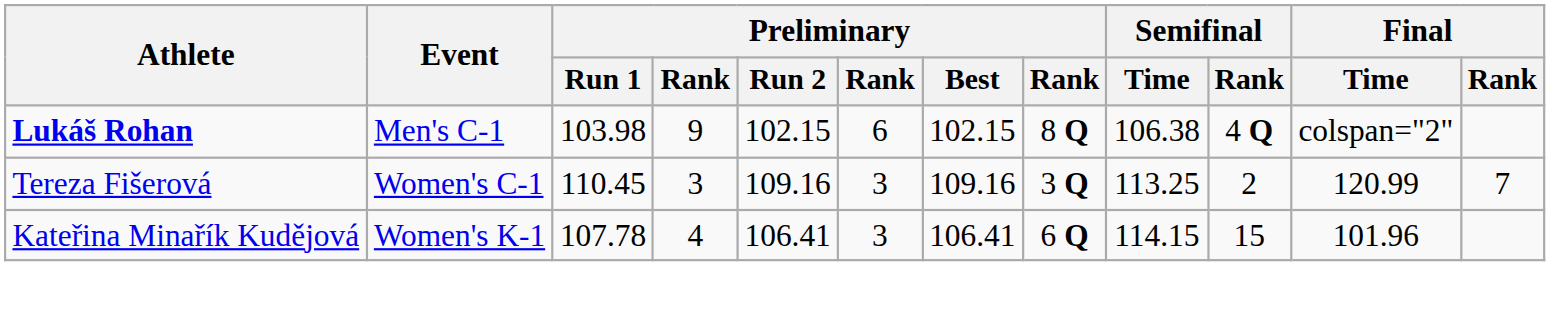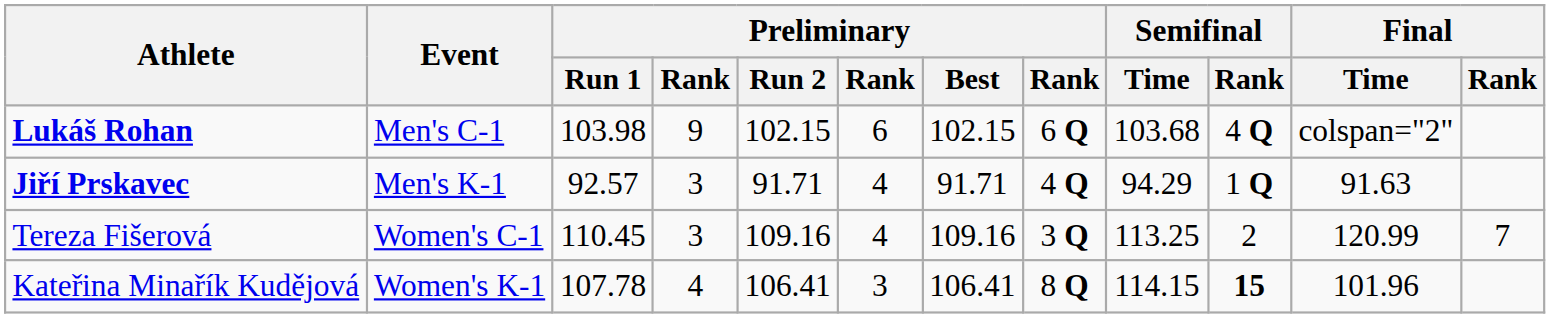 <table class="wikitable" style="font-size:90%">
 <tr>
 <th rowspan=2>Athlete</th>
 <th rowspan=2>Event</th>
 <th colspan=6>Preliminary</th>
 <th colspan=2>Semifinal</th>
 <th colspan=2>Final</th>
 </tr>
 <tr style="font-size:95%">
 <th>Run 1</th>
 <th>Rank</th>
 <th>Run 2</th>
 <th>Rank</th>
 <th>Best</th>
 <th>Rank</th>
 <th>Time</th>
 <th>Rank</th>
 <th>Time</th>
 <th>Rank</th>
 </tr>
 <tr align=center>
 <td align=left><strong><a href='#'>Lukáš Rohan</a></strong></td>
 <td align=left><a href='#'>Men's C-1</a></td>
 <td>103.98</td>
 <td>9</td>
 <td>102.15</td>
 <td>6</td>
 <td>102.15</td>
-<td>8 <strong>Q</strong></td>
-<td>106.38</td>
+<td>6 <strong>Q</strong></td>
+<td>103.68</td>
 <td>4 <strong>Q</strong></td>
 <td>colspan="2" </td>
+<td></td>
+</tr>
+<tr align=center>
+<td align=left><strong><a href='#'>Jiří Prskavec</a></strong></td>
+<td align=left><a href='#'>Men's K-1</a></td>
+<td>92.57</td>
+<td>3</td>
+<td>91.71</td>
+<td>4</td>
+<td>91.71</td>
+<td>4 <strong>Q</strong></td>
+<td>94.29</td>
+<td>1 <strong>Q</strong></td>
+<td>91.63</td>
 <td></td>
 </tr>
 <tr align=center>
 <td align=left><a href='#'>Tereza Fišerová</a></td>
 <td align=left><a href='#'>Women's C-1</a></td>
 <td>110.45</td>
 <td>3</td>
 <td>109.16</td>
-<td>3</td>
+<td>4</td>
 <td>109.16</td>
 <td>3 <strong>Q</strong></td>
 <td>113.25</td>
 <td>2</td>
 <td>120.99</td>
 <td>7</td>
 </tr>
 <tr align=center>
 <td align=left><a href='#'>Kateřina Minařík Kudějová</a></td>
 <td align=left><a href='#'>Women's K-1</a></td>
 <td>107.78</td>
 <td>4</td>
 <td>106.41</td>
 <td>3</td>
 <td>106.41</td>
-<td>6 <strong>Q</strong></td>
+<td>8 <strong>Q</strong></td>
 <td>114.15</td>
-<td>15</td>
+<td><strong>15</strong></td>
 <td>101.96</td>
 </tr>
 </table>
